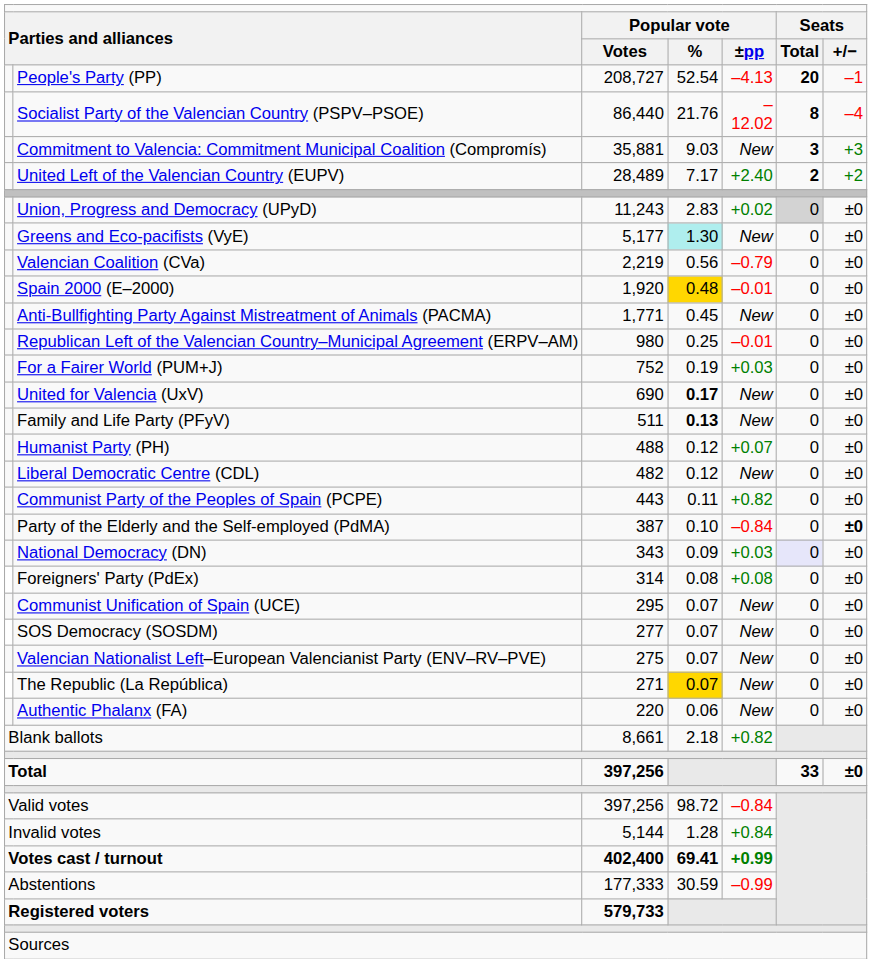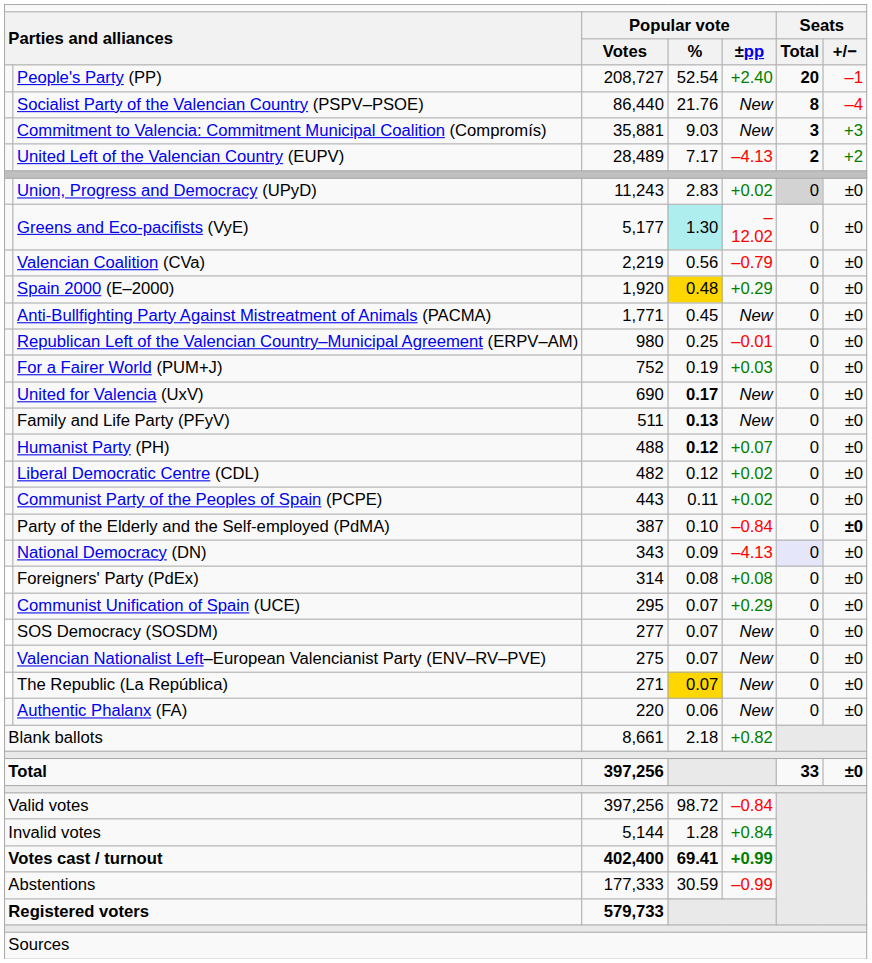 <table class="wikitable" style="text-align:right;">
 <tr>
 <td colspan="7"></td>
 </tr>
 <tr>
 <th style="text-align:left;" rowspan="2" colspan="2" width="525">Parties and alliances</th>
 <th colspan="3">Popular vote</th>
 <th colspan="2">Seats</th>
 </tr>
 <tr>
 <th width="75">Votes</th>
 <th width="45">%</th>
 <th width="45">±<a href='#'>pp</a></th>
 <th width="35">Total</th>
 <th width="35">+/−</th>
 </tr>
 <tr>
 <td width="1" style="color:inherit;background:"></td>
 <td align="left"><a href='#'>People's Party</a> (PP)</td>
 <td>208,727</td>
 <td>52.54</td>
-<td style="color:red;">–4.13</td>
+<td style="color:green;">+2.40</td>
 <td><strong>20</strong></td>
 <td style="color:red;">–1</td>
 </tr>
 <tr>
 <td style="color:inherit;background:"></td>
 <td align="left"><a href='#'>Socialist Party of the Valencian Country</a> (PSPV–PSOE)</td>
 <td>86,440</td>
 <td>21.76</td>
-<td style="color:red;">–12.02</td>
+<td><em>New</em></td>
 <td><strong>8</strong></td>
 <td style="color:red;">–4</td>
 </tr>
 <tr>
 <td style="color:inherit;background:"></td>
 <td align="left"><a href='#'>Commitment to Valencia: Commitment Municipal Coalition</a> (Compromís)</td>
 <td>35,881</td>
 <td>9.03</td>
 <td><em>New</em></td>
 <td><strong>3</strong></td>
 <td style="color:green;">+3</td>
 </tr>
 <tr>
 <td style="color:inherit;background:"></td>
 <td align="left"><a href='#'>United Left of the Valencian Country</a> (EUPV)</td>
 <td>28,489</td>
 <td>7.17</td>
-<td style="color:green;">+2.40</td>
+<td style="color:red;">–4.13</td>
 <td><strong>2</strong></td>
 <td style="color:green;">+2</td>
 </tr>
 <tr>
 <td colspan="7" bgcolor="#C0C0C0"></td>
 </tr>
 <tr>
 <td style="color:inherit;background:"></td>
 <td align="left"><a href='#'>Union, Progress and Democracy</a> (UPyD)</td>
 <td>11,243</td>
 <td>2.83</td>
 <td style="color:green;">+0.02</td>
 <td style="background: lightgrey;">0</td>
 <td>±0</td>
 </tr>
 <tr>
 <td style="color:inherit;background:"></td>
 <td align="left"><a href='#'>Greens and Eco-pacifists</a> (VyE)</td>
 <td>5,177</td>
 <td style="background: paleturquoise;">1.30</td>
-<td><em>New</em></td>
+<td style="color:red;">–12.02</td>
 <td>0</td>
 <td>±0</td>
 </tr>
 <tr>
 <td style="color:inherit;background:"></td>
 <td align="left"><a href='#'>Valencian Coalition</a> (CVa)</td>
 <td>2,219</td>
 <td>0.56</td>
 <td style="color:red;">–0.79</td>
 <td>0</td>
 <td>±0</td>
 </tr>
 <tr>
 <td style="color:inherit;background:"></td>
 <td align="left"><a href='#'>Spain 2000</a> (E–2000)</td>
 <td>1,920</td>
 <td style="background: gold;">0.48</td>
-<td style="color:red;">–0.01</td>
+<td style="color:green;">+0.29</td>
 <td>0</td>
 <td>±0</td>
 </tr>
 <tr>
 <td style="color:inherit;background:"></td>
 <td align="left"><a href='#'>Anti-Bullfighting Party Against Mistreatment of Animals</a> (PACMA)</td>
 <td>1,771</td>
 <td>0.45</td>
 <td><em>New</em></td>
 <td>0</td>
 <td>±0</td>
 </tr>
 <tr>
 <td style="color:inherit;background:"></td>
 <td align="left"><a href='#'>Republican Left of the Valencian Country–Municipal Agreement</a> (ERPV–AM)</td>
 <td>980</td>
 <td>0.25</td>
 <td style="color:red;">–0.01</td>
 <td>0</td>
 <td>±0</td>
 </tr>
 <tr>
 <td style="color:inherit;background:"></td>
 <td align="left"><a href='#'>For a Fairer World</a> (PUM+J)</td>
 <td>752</td>
 <td>0.19</td>
 <td style="color:green;">+0.03</td>
 <td>0</td>
 <td>±0</td>
 </tr>
 <tr>
 <td style="color:inherit;background:"></td>
 <td align="left"><a href='#'>United for Valencia</a> (UxV)</td>
 <td>690</td>
 <td><strong>0.17</strong></td>
 <td><em>New</em></td>
 <td>0</td>
 <td>±0</td>
 </tr>
 <tr>
 <td style="color:inherit;background:"></td>
 <td align="left">Family and Life Party (PFyV)</td>
 <td>511</td>
 <td><strong>0.13</strong></td>
 <td><em>New</em></td>
 <td>0</td>
 <td>±0</td>
 </tr>
 <tr>
 <td style="color:inherit;background:"></td>
 <td align="left"><a href='#'>Humanist Party</a> (PH)</td>
 <td>488</td>
-<td>0.12</td>
+<td><strong>0.12</strong></td>
 <td style="color:green;">+0.07</td>
 <td>0</td>
 <td>±0</td>
 </tr>
 <tr>
 <td style="color:inherit;background:"></td>
 <td align="left"><a href='#'>Liberal Democratic Centre</a> (CDL)</td>
 <td>482</td>
 <td>0.12</td>
-<td><em>New</em></td>
+<td style="color:green;">+0.02</td>
 <td>0</td>
 <td>±0</td>
 </tr>
 <tr>
 <td style="color:inherit;background:"></td>
 <td align="left"><a href='#'>Communist Party of the Peoples of Spain</a> (PCPE)</td>
 <td>443</td>
 <td>0.11</td>
-<td style="color:green;">+0.82</td>
+<td style="color:green;">+0.02</td>
 <td>0</td>
 <td>±0</td>
 </tr>
 <tr>
 <td style="color:inherit;background:"></td>
 <td align="left">Party of the Elderly and the Self-employed (PdMA)</td>
 <td>387</td>
 <td>0.10</td>
 <td style="color:red;">–0.84</td>
 <td>0</td>
 <td><strong>±0</strong></td>
 </tr>
 <tr>
 <td style="color:inherit;background:"></td>
 <td align="left"><a href='#'>National Democracy</a> (DN)</td>
 <td>343</td>
 <td>0.09</td>
-<td style="color:green;">+0.03</td>
+<td style="color:red;">–4.13</td>
 <td style="background: lavender;">0</td>
 <td>±0</td>
 </tr>
 <tr>
 <td bgcolor="white"></td>
 <td align="left">Foreigners' Party (PdEx)</td>
 <td>314</td>
 <td>0.08</td>
 <td style="color:green;">+0.08</td>
 <td>0</td>
 <td>±0</td>
 </tr>
 <tr>
 <td style="color:inherit;background:"></td>
 <td align="left"><a href='#'>Communist Unification of Spain</a> (UCE)</td>
 <td>295</td>
 <td>0.07</td>
-<td><em>New</em></td>
+<td style="color:green;">+0.29</td>
 <td>0</td>
 <td>±0</td>
 </tr>
 <tr>
 <td bgcolor="white"></td>
 <td align="left">SOS Democracy (SOSDM)</td>
 <td>277</td>
 <td>0.07</td>
 <td><em>New</em></td>
 <td>0</td>
 <td>±0</td>
 </tr>
 <tr>
 <td style="color:inherit;background:"></td>
 <td align="left"><a href='#'>Valencian Nationalist Left</a>–European Valencianist Party (ENV–RV–PVE)</td>
 <td>275</td>
 <td>0.07</td>
 <td><em>New</em></td>
 <td>0</td>
 <td>±0</td>
 </tr>
 <tr>
 <td bgcolor="white"></td>
 <td align="left">The Republic (La República)</td>
 <td>271</td>
 <td style="background: gold;">0.07</td>
 <td><em>New</em></td>
 <td>0</td>
 <td>±0</td>
 </tr>
 <tr>
 <td style="color:inherit;background:"></td>
 <td align="left"><a href='#'>Authentic Phalanx</a> (FA)</td>
 <td>220</td>
 <td>0.06</td>
 <td><em>New</em></td>
 <td>0</td>
 <td>±0</td>
 </tr>
 <tr>
 <td align="left" colspan="2">Blank ballots</td>
 <td>8,661</td>
 <td>2.18</td>
 <td style="color:green;">+0.82</td>
 <td bgcolor="#E9E9E9" colspan="2"></td>
 </tr>
 <tr>
 <td colspan="7" bgcolor="#E9E9E9"></td>
 </tr>
 <tr style="font-weight:bold;">
 <td align="left" colspan="2">Total</td>
 <td>397,256</td>
 <td bgcolor="#E9E9E9" colspan="2"></td>
 <td>33</td>
 <td>±0</td>
 </tr>
 <tr>
 <td colspan="7" bgcolor="#E9E9E9"></td>
 </tr>
 <tr>
 <td align="left" colspan="2">Valid votes</td>
 <td>397,256</td>
 <td>98.72</td>
 <td style="color:red;">–0.84</td>
 <td bgcolor="#E9E9E9" colspan="2" rowspan="5"></td>
 </tr>
 <tr>
 <td align="left" colspan="2">Invalid votes</td>
 <td>5,144</td>
 <td>1.28</td>
 <td style="color:green;">+0.84</td>
 </tr>
 <tr style="font-weight:bold;">
 <td align="left" colspan="2">Votes cast / turnout</td>
 <td>402,400</td>
 <td>69.41</td>
 <td style="color:green;">+0.99</td>
 </tr>
 <tr>
 <td align="left" colspan="2">Abstentions</td>
 <td>177,333</td>
 <td>30.59</td>
 <td style="color:red;">–0.99</td>
 </tr>
 <tr style="font-weight:bold;">
 <td align="left" colspan="2">Registered voters</td>
 <td>579,733</td>
 <td bgcolor="#E9E9E9" colspan="2"></td>
 </tr>
 <tr>
 <td colspan="7" bgcolor="#E9E9E9"></td>
 </tr>
 <tr>
 <td align="left" colspan="7">Sources</td>
 </tr>
 </table>
